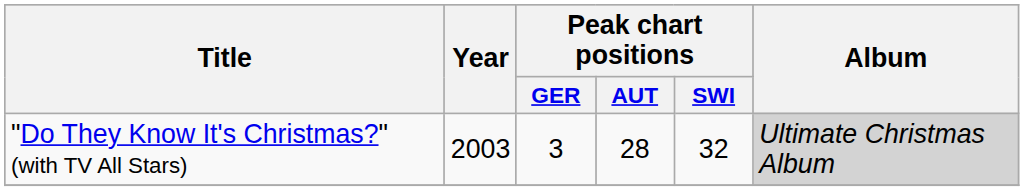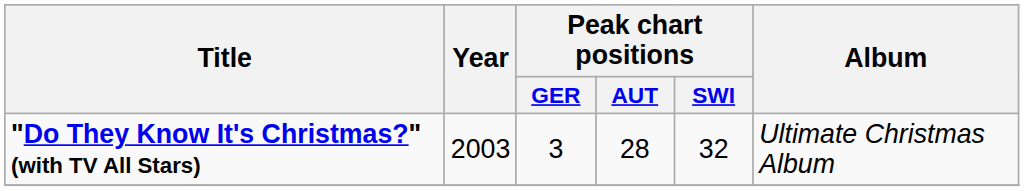 <table class="wikitable plainrowheaders" style="text-align:center;" border="1">
 <tr>
 <th scope="col" rowspan="2" style="width:16em;">Title</th>
 <th scope="col" rowspan="2">Year</th>
 <th scope="col" colspan="3">Peak chart positions</th>
 <th scope="col" rowspan="2">Album</th>
 </tr>
 <tr>
 <th scope="col" style="width:3em;font-size:85%;"><a href='#'>GER</a><br></th>
 <th scope="col" style="width:3em;font-size:85%;"><a href='#'>AUT</a><br></th>
 <th scope="col" style="width:3em;font-size:85%;"><a href='#'>SWI</a><br></th>
 </tr>
 <tr>
-<td align="left">"<a href='#'>Do They Know It's Christmas?</a>" <br><small>(with TV All Stars)</small></td>
+<td align="left"><strong>"<a href='#'>Do They Know It's Christmas?</a>" <br><small>(with TV All Stars)</small></strong></td>
 <td>2003</td>
 <td>3</td>
 <td>28</td>
 <td>32</td>
-<td align="left" style="background: lightgrey;"><em>Ultimate Christmas Album</em></td>
+<td align="left"><em>Ultimate Christmas Album</em></td>
 </tr>
 <tr>
 </tr>
 </table>
